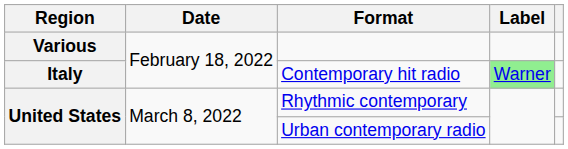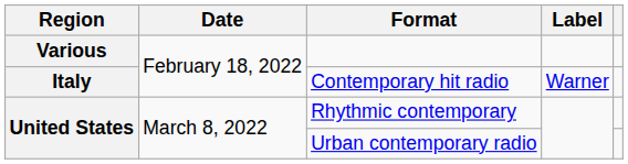 <table class="wikitable plainrowheaders">
 <tr>
 <th scope="col">Region</th>
 <th scope="col">Date</th>
 <th scope="col">Format</th>
 <th scope="col">Label</th>
 <th scope="col"></th>
 </tr>
 <tr>
 <th scope="row">Various</th>
 <td rowspan="2">February 18, 2022</td>
 <td></td>
 <td></td>
 <td></td>
 </tr>
 <tr>
 <th scope="row">Italy</th>
 <td><a href='#'>Contemporary hit radio</a></td>
-<td style="background: lightgreen;"><a href='#'>Warner</a></td>
+<td><a href='#'>Warner</a></td>
 <td></td>
 </tr>
 <tr>
 <th scope="row" rowspan="2">United States</th>
 <td rowspan="2">March 8, 2022</td>
 <td><a href='#'>Rhythmic contemporary</a></td>
 <td rowspan="2"></td>
 <td></td>
 </tr>
 <tr>
 <td><a href='#'>Urban contemporary radio</a></td>
 <td></td>
 </tr>
 </table>
